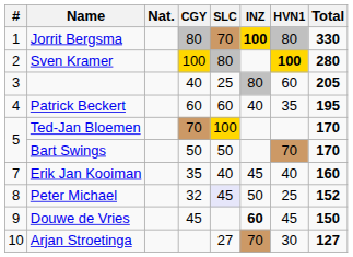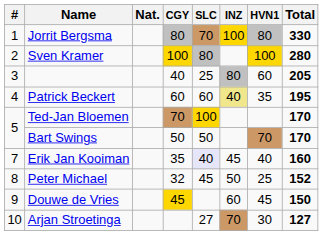 <table class="wikitable" style="text-align:center;">
 <tr>
 <th>#</th>
 <th>Name</th>
 <th>Nat.</th>
 <th><small>CGY</small></th>
 <th><small>SLC</small></th>
 <th><small>INZ</small></th>
 <th><small>HVN1</small></th>
 <th>Total</th>
 </tr>
 <tr>
 <td>1</td>
 <td align=left><a href='#'>Jorrit Bergsma</a></td>
 <td></td>
 <td bgcolor=silver>80</td>
 <td bgcolor=cc9966>70</td>
-<td bgcolor=gold><strong>100</strong></td>
+<td bgcolor=gold>100</td>
 <td bgcolor=silver>80</td>
 <td><strong>330</strong></td>
 </tr>
 <tr>
 <td>2</td>
 <td align=left><a href='#'>Sven Kramer</a></td>
 <td></td>
 <td bgcolor=gold>100</td>
 <td bgcolor=silver>80</td>
 <td></td>
-<td bgcolor=gold><strong>100</strong></td>
+<td bgcolor=gold>100</td>
 <td><strong>280</strong></td>
 </tr>
 <tr>
 <td>3</td>
 <td align=left></td>
 <td></td>
 <td>40</td>
 <td>25</td>
 <td bgcolor=silver>80</td>
 <td>60</td>
 <td><strong>205</strong></td>
 </tr>
 <tr>
 <td>4</td>
 <td align=left><a href='#'>Patrick Beckert</a></td>
 <td></td>
 <td>60</td>
 <td>60</td>
-<td>40</td>
+<td style="background: khaki;">40</td>
 <td>35</td>
 <td><strong>195</strong></td>
 </tr>
 <tr>
 <td rowspan=2>5</td>
 <td align=left><a href='#'>Ted-Jan Bloemen</a></td>
 <td></td>
 <td bgcolor=cc9966>70</td>
 <td bgcolor=gold>100</td>
 <td></td>
 <td></td>
 <td><strong>170</strong></td>
 </tr>
 <tr>
 <td align=left><a href='#'>Bart Swings</a></td>
 <td></td>
 <td>50</td>
 <td>50</td>
 <td></td>
 <td bgcolor=cc9966>70</td>
 <td><strong>170</strong></td>
 </tr>
 <tr>
 <td>7</td>
 <td align=left><a href='#'>Erik Jan Kooiman</a></td>
 <td></td>
 <td>35</td>
-<td>40</td>
+<td style="background: lavender;">40</td>
 <td>45</td>
 <td>40</td>
 <td><strong>160</strong></td>
 </tr>
 <tr>
 <td>8</td>
 <td align=left><a href='#'>Peter Michael</a></td>
 <td></td>
 <td>32</td>
-<td style="background: lavender;">45</td>
+<td>45</td>
 <td>50</td>
 <td>25</td>
 <td><strong>152</strong></td>
 </tr>
 <tr>
 <td>9</td>
 <td align=left><a href='#'>Douwe de Vries</a></td>
 <td></td>
-<td>45</td>
+<td style="background: gold;">45</td>
 <td></td>
-<td><strong>60</strong></td>
+<td>60</td>
 <td>45</td>
 <td><strong>150</strong></td>
 </tr>
 <tr>
 <td>10</td>
 <td align=left><a href='#'>Arjan Stroetinga</a></td>
 <td></td>
 <td></td>
 <td>27</td>
 <td bgcolor=cc9966>70</td>
 <td>30</td>
 <td><strong>127</strong></td>
 </tr>
 </table>
